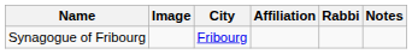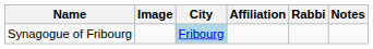 <table class="wikitable sortable">
 <tr>
 <th>Name</th>
 <th class="unsortable">Image</th>
 <th>City</th>
 <th>Affiliation</th>
 <th>Rabbi</th>
 <th>Notes</th>
 </tr>
 <tr>
 <td>Synagogue of Fribourg</td>
 <td></td>
-<td><a href='#'>Fribourg</a></td>
+<td style="background: lightblue;"><a href='#'>Fribourg</a></td>
 <td></td>
 <td></td>
 </tr>
 </table>
